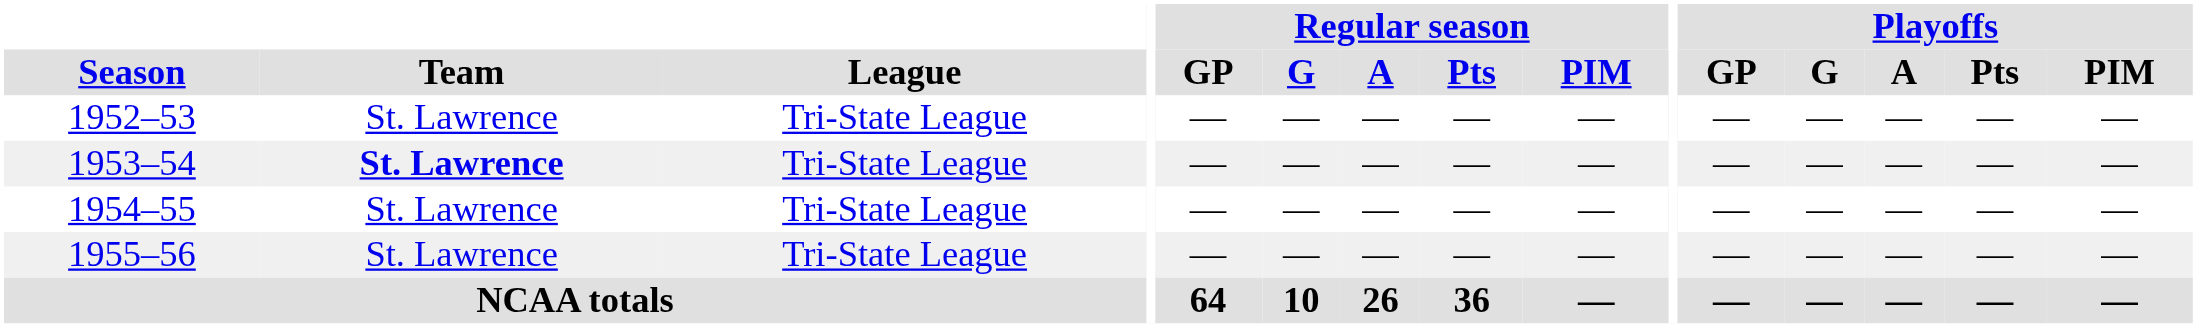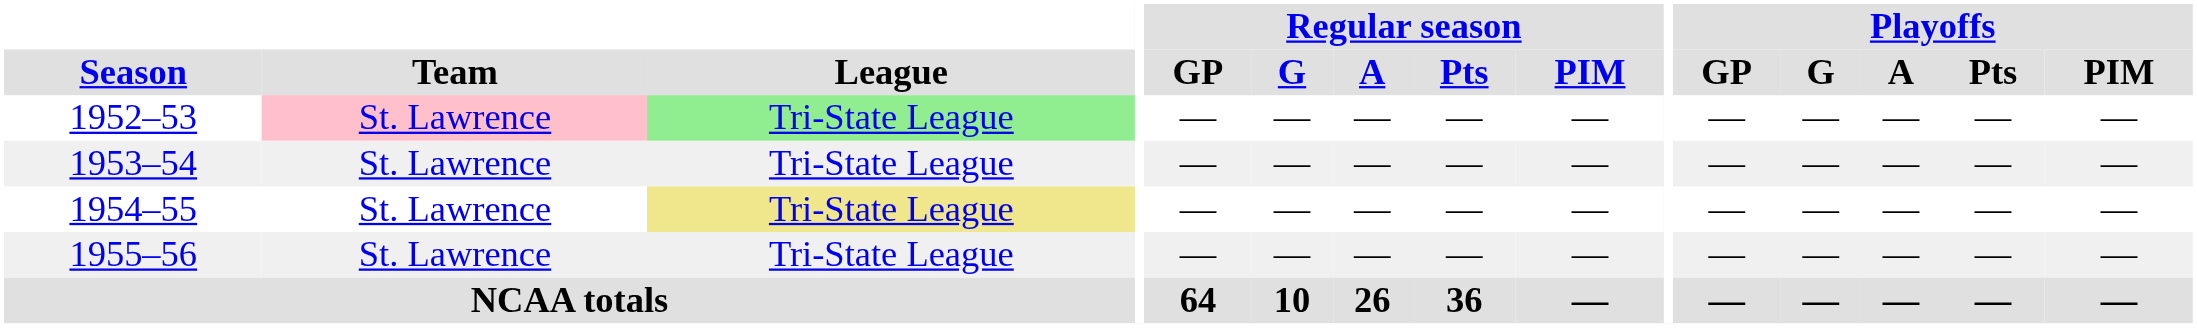 <table border="0" cellpadding="1" cellspacing="0" style="text-align:center; width:60em">
 <tr bgcolor="#e0e0e0">
 <th colspan="3" bgcolor="#ffffff"></th>
 <th rowspan="99" bgcolor="#ffffff"></th>
 <th colspan="5"><a href='#'>Regular season</a></th>
 <th rowspan="99" bgcolor="#ffffff"></th>
 <th colspan="5"><a href='#'>Playoffs</a></th>
 </tr>
 <tr bgcolor="#e0e0e0">
 <th><a href='#'>Season</a></th>
 <th>Team</th>
 <th>League</th>
 <th>GP</th>
 <th><a href='#'>G</a></th>
 <th><a href='#'>A</a></th>
 <th><a href='#'>Pts</a></th>
 <th><a href='#'>PIM</a></th>
 <th>GP</th>
 <th>G</th>
 <th>A</th>
 <th>Pts</th>
 <th>PIM</th>
 </tr>
 <tr>
 <td><a href='#'>1952–53</a></td>
-<td><a href='#'>St. Lawrence</a></td>
-<td><a href='#'>Tri-State League</a></td>
+<td style="background: pink;"><a href='#'>St. Lawrence</a></td>
+<td style="background: lightgreen;"><a href='#'>Tri-State League</a></td>
 <td>—</td>
 <td>—</td>
 <td>—</td>
 <td>—</td>
 <td>—</td>
 <td>—</td>
 <td>—</td>
 <td>—</td>
 <td>—</td>
 <td>—</td>
 </tr>
 <tr bgcolor="f0f0f0">
 <td><a href='#'>1953–54</a></td>
-<td><strong><a href='#'>St. Lawrence</a></strong></td>
+<td><a href='#'>St. Lawrence</a></td>
 <td><a href='#'>Tri-State League</a></td>
 <td>—</td>
 <td>—</td>
 <td>—</td>
 <td>—</td>
 <td>—</td>
 <td>—</td>
 <td>—</td>
 <td>—</td>
 <td>—</td>
 <td>—</td>
 </tr>
 <tr>
 <td><a href='#'>1954–55</a></td>
 <td><a href='#'>St. Lawrence</a></td>
-<td><a href='#'>Tri-State League</a></td>
+<td style="background: khaki;"><a href='#'>Tri-State League</a></td>
 <td>—</td>
 <td>—</td>
 <td>—</td>
 <td>—</td>
 <td>—</td>
 <td>—</td>
 <td>—</td>
 <td>—</td>
 <td>—</td>
 <td>—</td>
 </tr>
 <tr bgcolor="f0f0f0">
 <td><a href='#'>1955–56</a></td>
 <td><a href='#'>St. Lawrence</a></td>
 <td><a href='#'>Tri-State League</a></td>
 <td>—</td>
 <td>—</td>
 <td>—</td>
 <td>—</td>
 <td>—</td>
 <td>—</td>
 <td>—</td>
 <td>—</td>
 <td>—</td>
 <td>—</td>
 </tr>
 <tr bgcolor="#e0e0e0">
 <th colspan="3">NCAA totals</th>
 <th>64</th>
 <th>10</th>
 <th>26</th>
 <th>36</th>
 <th>—</th>
 <th>—</th>
 <th>—</th>
 <th>—</th>
 <th>—</th>
 <th>—</th>
 </tr>
 </table>
